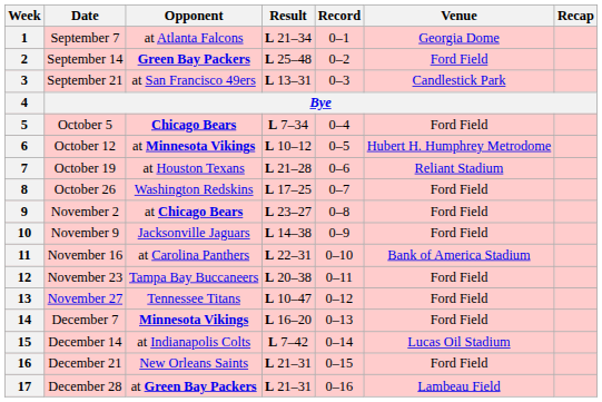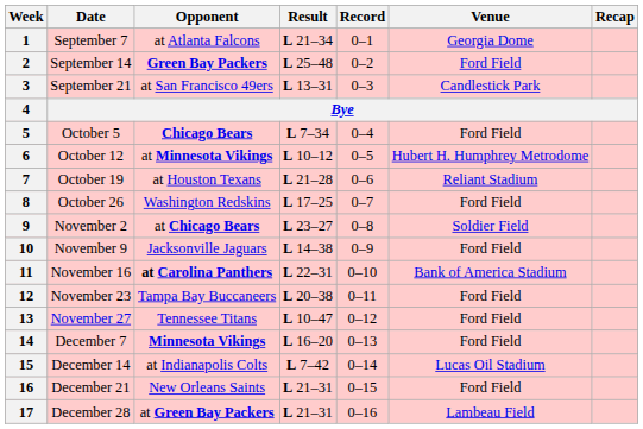 <table class="wikitable" style="text-align:center">
 <tr>
 <th>Week</th>
 <th>Date</th>
 <th>Opponent</th>
 <th>Result</th>
 <th>Record</th>
 <th>Venue</th>
 <th>Recap</th>
 </tr>
 <tr style="background:#fcc">
 <th>1</th>
 <td>September 7</td>
 <td>at <a href='#'>Atlanta Falcons</a></td>
 <td><strong>L</strong> 21–34</td>
 <td>0–1</td>
 <td><a href='#'>Georgia Dome</a></td>
 <td></td>
 </tr>
 <tr style="background:#fcc">
 <th>2</th>
 <td>September 14</td>
 <td><strong><a href='#'>Green Bay Packers</a></strong></td>
 <td><strong>L</strong> 25–48</td>
 <td>0–2</td>
 <td><a href='#'>Ford Field</a></td>
 <td></td>
 </tr>
 <tr style="background:#fcc">
 <th>3</th>
 <td>September 21</td>
 <td>at <a href='#'>San Francisco 49ers</a></td>
 <td><strong>L</strong> 13–31</td>
 <td>0–3</td>
 <td><a href='#'>Candlestick Park</a></td>
 <td></td>
 </tr>
 <tr>
 <th>4</th>
 <th colspan="8"><em><a href='#'>Bye</a></em></th>
 </tr>
 <tr style="background:#fcc">
 <th>5</th>
 <td>October 5</td>
 <td><strong><a href='#'>Chicago Bears</a></strong></td>
 <td><strong>L</strong> 7–34</td>
 <td>0–4</td>
 <td>Ford Field</td>
 <td></td>
 </tr>
 <tr style="background:#fcc">
 <th>6</th>
 <td>October 12</td>
 <td>at <strong><a href='#'>Minnesota Vikings</a></strong></td>
 <td><strong>L</strong> 10–12</td>
 <td>0–5</td>
 <td><a href='#'>Hubert H. Humphrey Metrodome</a></td>
 <td></td>
 </tr>
 <tr style="background:#fcc">
 <th>7</th>
 <td>October 19</td>
 <td>at <a href='#'>Houston Texans</a></td>
 <td><strong>L</strong> 21–28</td>
 <td>0–6</td>
 <td><a href='#'>Reliant Stadium</a></td>
 <td></td>
 </tr>
 <tr style="background:#fcc">
 <th>8</th>
 <td>October 26</td>
 <td><a href='#'>Washington Redskins</a></td>
 <td><strong>L</strong> 17–25</td>
 <td>0–7</td>
 <td>Ford Field</td>
 <td></td>
 </tr>
 <tr style="background:#fcc">
 <th>9</th>
 <td>November 2</td>
 <td>at <strong><a href='#'>Chicago Bears</a></strong></td>
 <td><strong>L</strong> 23–27</td>
 <td>0–8</td>
-<td>Ford Field</td>
+<td><a href='#'>Soldier Field</a></td>
 <td></td>
 </tr>
 <tr style="background:#fcc">
 <th>10</th>
 <td>November 9</td>
 <td><a href='#'>Jacksonville Jaguars</a></td>
 <td><strong>L</strong> 14–38</td>
 <td>0–9</td>
 <td>Ford Field</td>
 <td></td>
 </tr>
 <tr style="background:#fcc">
 <th>11</th>
 <td>November 16</td>
-<td>at <a href='#'>Carolina Panthers</a></td>
+<td><strong>at <a href='#'>Carolina Panthers</a></strong></td>
 <td><strong>L</strong> 22–31</td>
 <td>0–10</td>
 <td><a href='#'>Bank of America Stadium</a></td>
 <td></td>
 </tr>
 <tr style="background:#fcc">
 <th>12</th>
 <td>November 23</td>
 <td><a href='#'>Tampa Bay Buccaneers</a></td>
 <td><strong>L</strong> 20–38</td>
 <td>0–11</td>
 <td>Ford Field</td>
 <td></td>
 </tr>
 <tr style="background:#fcc">
 <th>13</th>
 <td><a href='#'>November 27</a></td>
 <td><a href='#'>Tennessee Titans</a></td>
 <td><strong>L</strong> 10–47</td>
 <td>0–12</td>
 <td>Ford Field</td>
 <td></td>
 </tr>
 <tr style="background:#fcc">
 <th>14</th>
 <td>December 7</td>
 <td><strong><a href='#'>Minnesota Vikings</a></strong></td>
 <td><strong>L</strong> 16–20</td>
 <td>0–13</td>
 <td>Ford Field</td>
 <td></td>
 </tr>
 <tr style="background:#fcc">
 <th>15</th>
 <td>December 14</td>
 <td>at <a href='#'>Indianapolis Colts</a></td>
 <td><strong>L</strong> 7–42</td>
 <td>0–14</td>
 <td><a href='#'>Lucas Oil Stadium</a></td>
 <td></td>
 </tr>
 <tr style="background:#fcc">
 <th>16</th>
 <td>December 21</td>
 <td><a href='#'>New Orleans Saints</a></td>
 <td><strong>L</strong> 21–31</td>
 <td>0–15</td>
 <td>Ford Field</td>
 <td></td>
 </tr>
 <tr style="background:#fcc">
 <th>17</th>
 <td>December 28</td>
 <td>at <strong><a href='#'>Green Bay Packers</a></strong></td>
 <td><strong>L</strong> 21–31</td>
 <td>0–16</td>
 <td><a href='#'>Lambeau Field</a></td>
 <td></td>
 </tr>
 </table>
